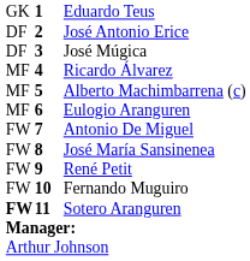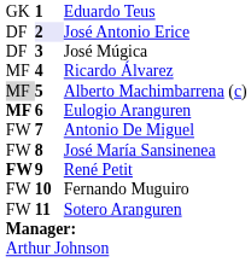 <table style="font-size:90%; margin:0.2em auto;" cellspacing="0" cellpadding="0">
 <tr>
 <th width="25"></th>
 <th width="25"></th>
 </tr>
 <tr>
 <td>GK</td>
 <td><strong>1</strong></td>
 <td> <a href='#'>Eduardo Teus</a></td>
 </tr>
 <tr>
 <td>DF</td>
-<td><strong>2</strong></td>
+<td style="background: lavender;"><strong>2</strong></td>
 <td> <a href='#'>José Antonio Erice</a></td>
 </tr>
 <tr>
 <td>DF</td>
 <td><strong>3</strong></td>
 <td> José Múgica</td>
 </tr>
 <tr>
 <td>MF</td>
 <td><strong>4</strong></td>
 <td> <a href='#'>Ricardo Álvarez</a></td>
 </tr>
 <tr>
-<td>MF</td>
+<td style="background: lightgrey;">MF</td>
 <td><strong>5</strong></td>
 <td> <a href='#'>Alberto Machimbarrena</a> (<a href='#'>c</a>)</td>
 </tr>
 <tr>
-<td>MF</td>
+<td><strong>MF</strong></td>
 <td><strong>6</strong></td>
 <td> <a href='#'>Eulogio Aranguren</a></td>
 </tr>
 <tr>
 <td>FW</td>
 <td><strong>7</strong></td>
 <td> <a href='#'>Antonio De Miguel</a></td>
 </tr>
 <tr>
 <td>FW</td>
 <td><strong>8</strong></td>
 <td> <a href='#'>José María Sansinenea</a></td>
 </tr>
 <tr>
-<td>FW</td>
+<td><strong>FW</strong></td>
 <td><strong>9</strong></td>
 <td> <a href='#'>René Petit</a></td>
 </tr>
 <tr>
 <td>FW</td>
 <td><strong>10</strong></td>
 <td> Fernando Muguiro</td>
 </tr>
 <tr>
-<td><strong>FW</strong></td>
+<td>FW</td>
 <td><strong>11</strong></td>
 <td> <a href='#'>Sotero Aranguren</a></td>
 </tr>
 <tr>
 <td colspan=3><strong>Manager:</strong></td>
 </tr>
 <tr>
 <td colspan=4> <a href='#'>Arthur Johnson</a></td>
 </tr>
 </table>
